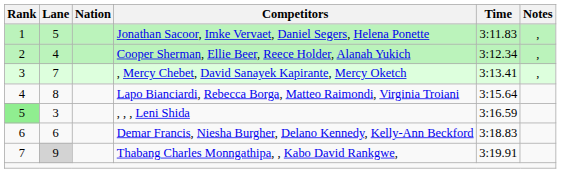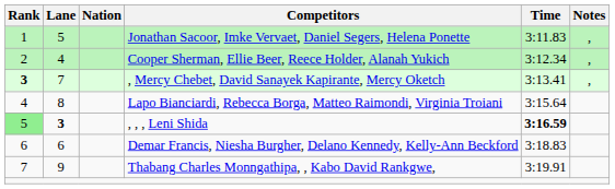 <table class="wikitable sortable" style="text-align:center">
 <tr>
 <th scope="col" style="width: 10px;">Rank</th>
 <th scope="col" style="width: 10px;">Lane</th>
 <th scope="col">Nation</th>
 <th scope="col">Competitors</th>
 <th scope="col">Time</th>
 <th scope="col">Notes</th>
 </tr>
 <tr bgcolor="#bbf3bb">
 <td>1</td>
 <td>5</td>
 <td align="left"></td>
 <td align="left"><a href='#'>Jonathan Sacoor</a>, <a href='#'>Imke Vervaet</a>, <a href='#'>Daniel Segers</a>, <a href='#'>Helena Ponette</a></td>
 <td>3:11.83</td>
 <td>, </td>
 </tr>
 <tr bgcolor="#bbf3bb">
 <td>2</td>
 <td>4</td>
 <td align="left"></td>
 <td align="left"><a href='#'>Cooper Sherman</a>, <a href='#'>Ellie Beer</a>, <a href='#'>Reece Holder</a>, <a href='#'>Alanah Yukich</a></td>
 <td>3:12.34</td>
 <td>, </td>
 </tr>
 <tr bgcolor=ddffdd>
-<td>3</td>
+<td><strong>3</strong></td>
 <td>7</td>
 <td align="left"></td>
 <td align="left">, <a href='#'>Mercy Chebet</a>, <a href='#'>David Sanayek Kapirante</a>, <a href='#'>Mercy Oketch</a></td>
 <td>3:13.41</td>
 <td>, </td>
 </tr>
 <tr>
 <td>4</td>
 <td>8</td>
 <td align="left"></td>
 <td align="left"><a href='#'>Lapo Bianciardi</a>, <a href='#'>Rebecca Borga</a>, <a href='#'>Matteo Raimondi</a>, <a href='#'>Virginia Troiani</a></td>
 <td>3:15.64</td>
 <td></td>
 </tr>
 <tr>
 <td style="background: lightgreen;">5</td>
-<td>3</td>
+<td><strong>3</strong></td>
 <td align="left"></td>
 <td align="left">, , , <a href='#'>Leni Shida</a></td>
-<td>3:16.59</td>
+<td><strong>3:16.59</strong></td>
 <td><strong></strong></td>
 </tr>
 <tr>
 <td>6</td>
 <td>6</td>
 <td align="left"></td>
 <td align="left"><a href='#'>Demar Francis</a>, <a href='#'>Niesha Burgher</a>, <a href='#'>Delano Kennedy</a>, <a href='#'>Kelly-Ann Beckford</a></td>
 <td>3:18.83</td>
 <td></td>
 </tr>
 <tr>
 <td>7</td>
-<td style="background: lightgrey;">9</td>
+<td>9</td>
 <td align="left"></td>
 <td align="left"><a href='#'>Thabang Charles Monngathipa</a>, , <a href='#'>Kabo David Rankgwe</a>, </td>
 <td>3:19.91</td>
 <td></td>
 </tr>
 <tr class="sortbottom">
 <td colspan="6"></td>
 </tr>
 </table>
